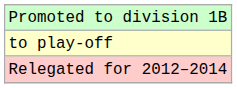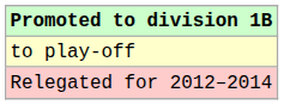 <table class="wikitable">
 <tr>
 </tr>
 <tr width=10px bgcolor="#ccffcc">
-<td>Promoted to division 1B</td>
+<td><strong>Promoted to division 1B</strong></td>
 </tr>
 <tr width=10px bgcolor="#ffffcc">
 <td>to play-off</td>
 </tr>
 <tr width=10px bgcolor="#ffcccc">
 <td>Relegated for 2012–2014</td>
 </tr>
 <tr>
 </tr>
 <tr>
 </tr>
 </table>
